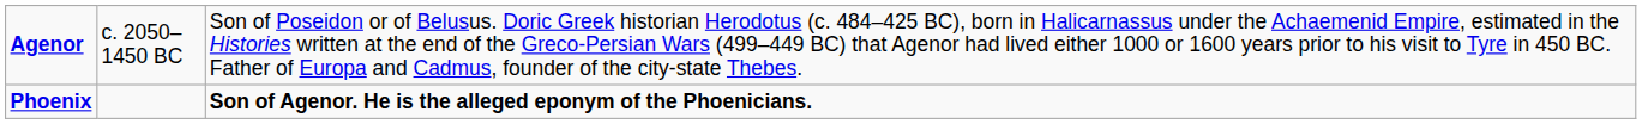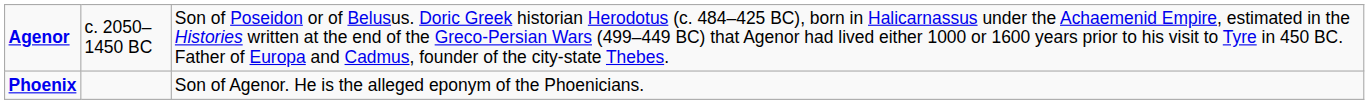 <table class="wikitable">
 <tr>
 <td><strong><a href='#'>Agenor</a> </strong></td>
 <td>c. 2050–1450 BC</td>
 <td>Son of <a href='#'>Poseidon</a> or of <a href='#'>Belus</a>us. <a href='#'>Doric Greek</a> historian <a href='#'>Herodotus</a> (c. 484–425 BC), born in <a href='#'>Halicarnassus</a> under the <a href='#'>Achaemenid Empire</a>, estimated in the <em><a href='#'>Histories</a></em> written at the end of the <a href='#'>Greco-Persian Wars</a> (499–449 BC) that Agenor had lived either 1000 or 1600 years prior to his visit to <a href='#'>Tyre</a> in 450 BC. Father of <a href='#'>Europa</a> and <a href='#'>Cadmus</a>, founder of the city-state <a href='#'>Thebes</a>.</td>
 </tr>
 <tr>
 <td><strong><a href='#'>Phoenix</a> </strong></td>
 <td></td>
-<td><strong>Son of Agenor. He is the alleged eponym of the Phoenicians.</strong></td>
+<td>Son of Agenor. He is the alleged eponym of the Phoenicians.</td>
 </tr>
 </table>
